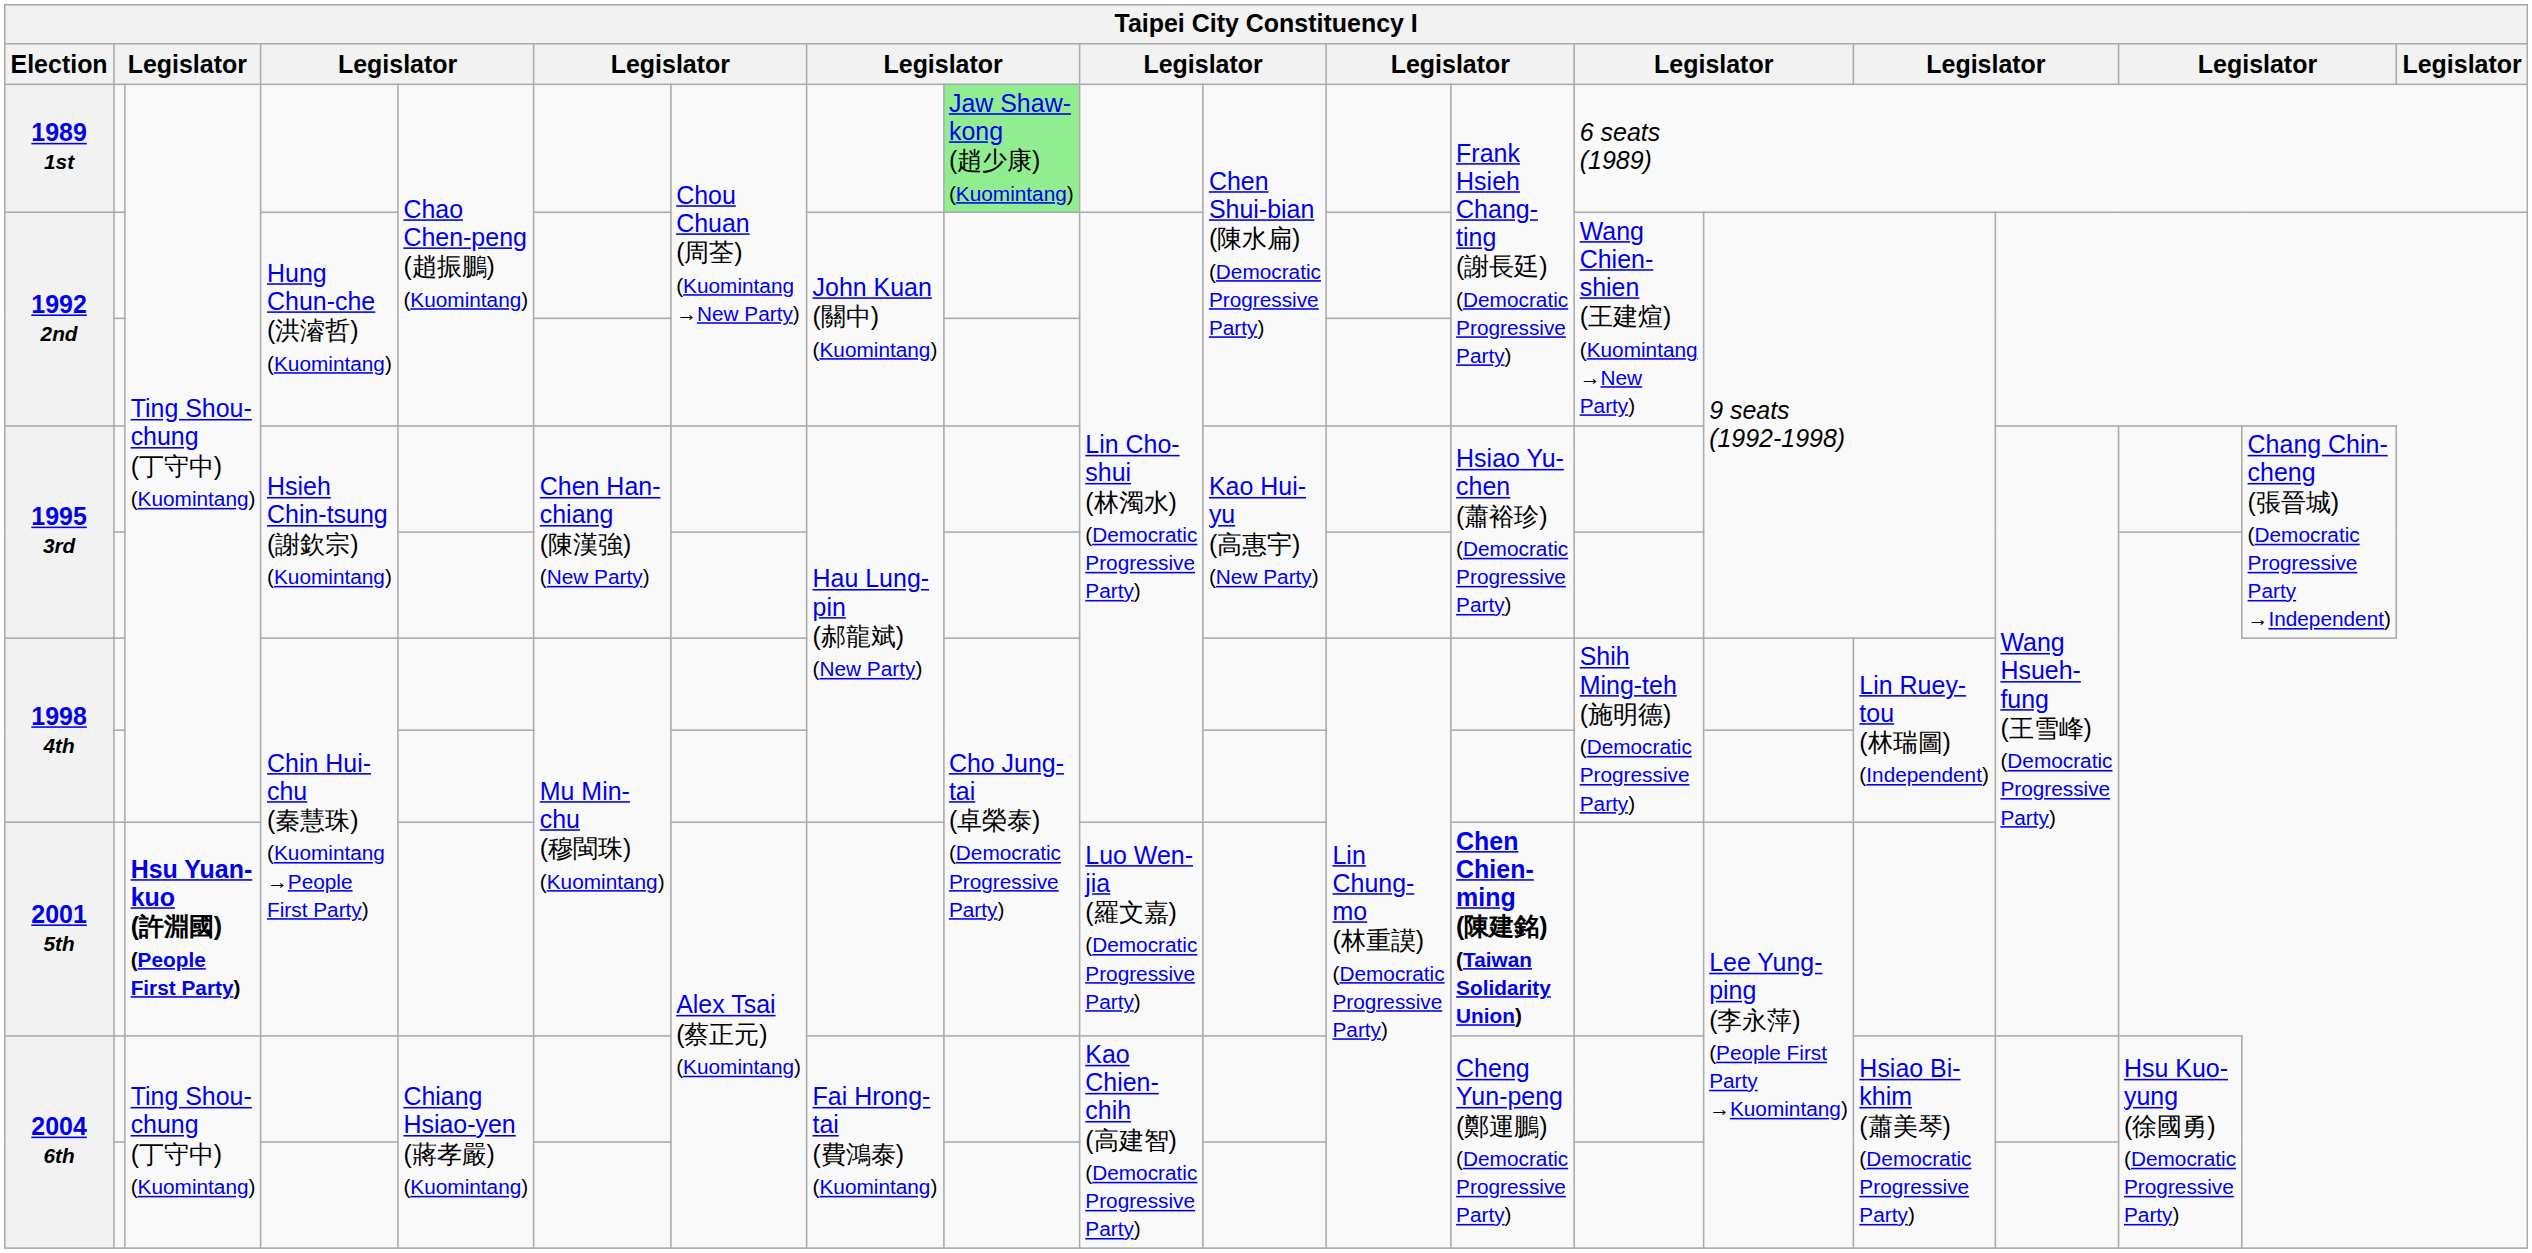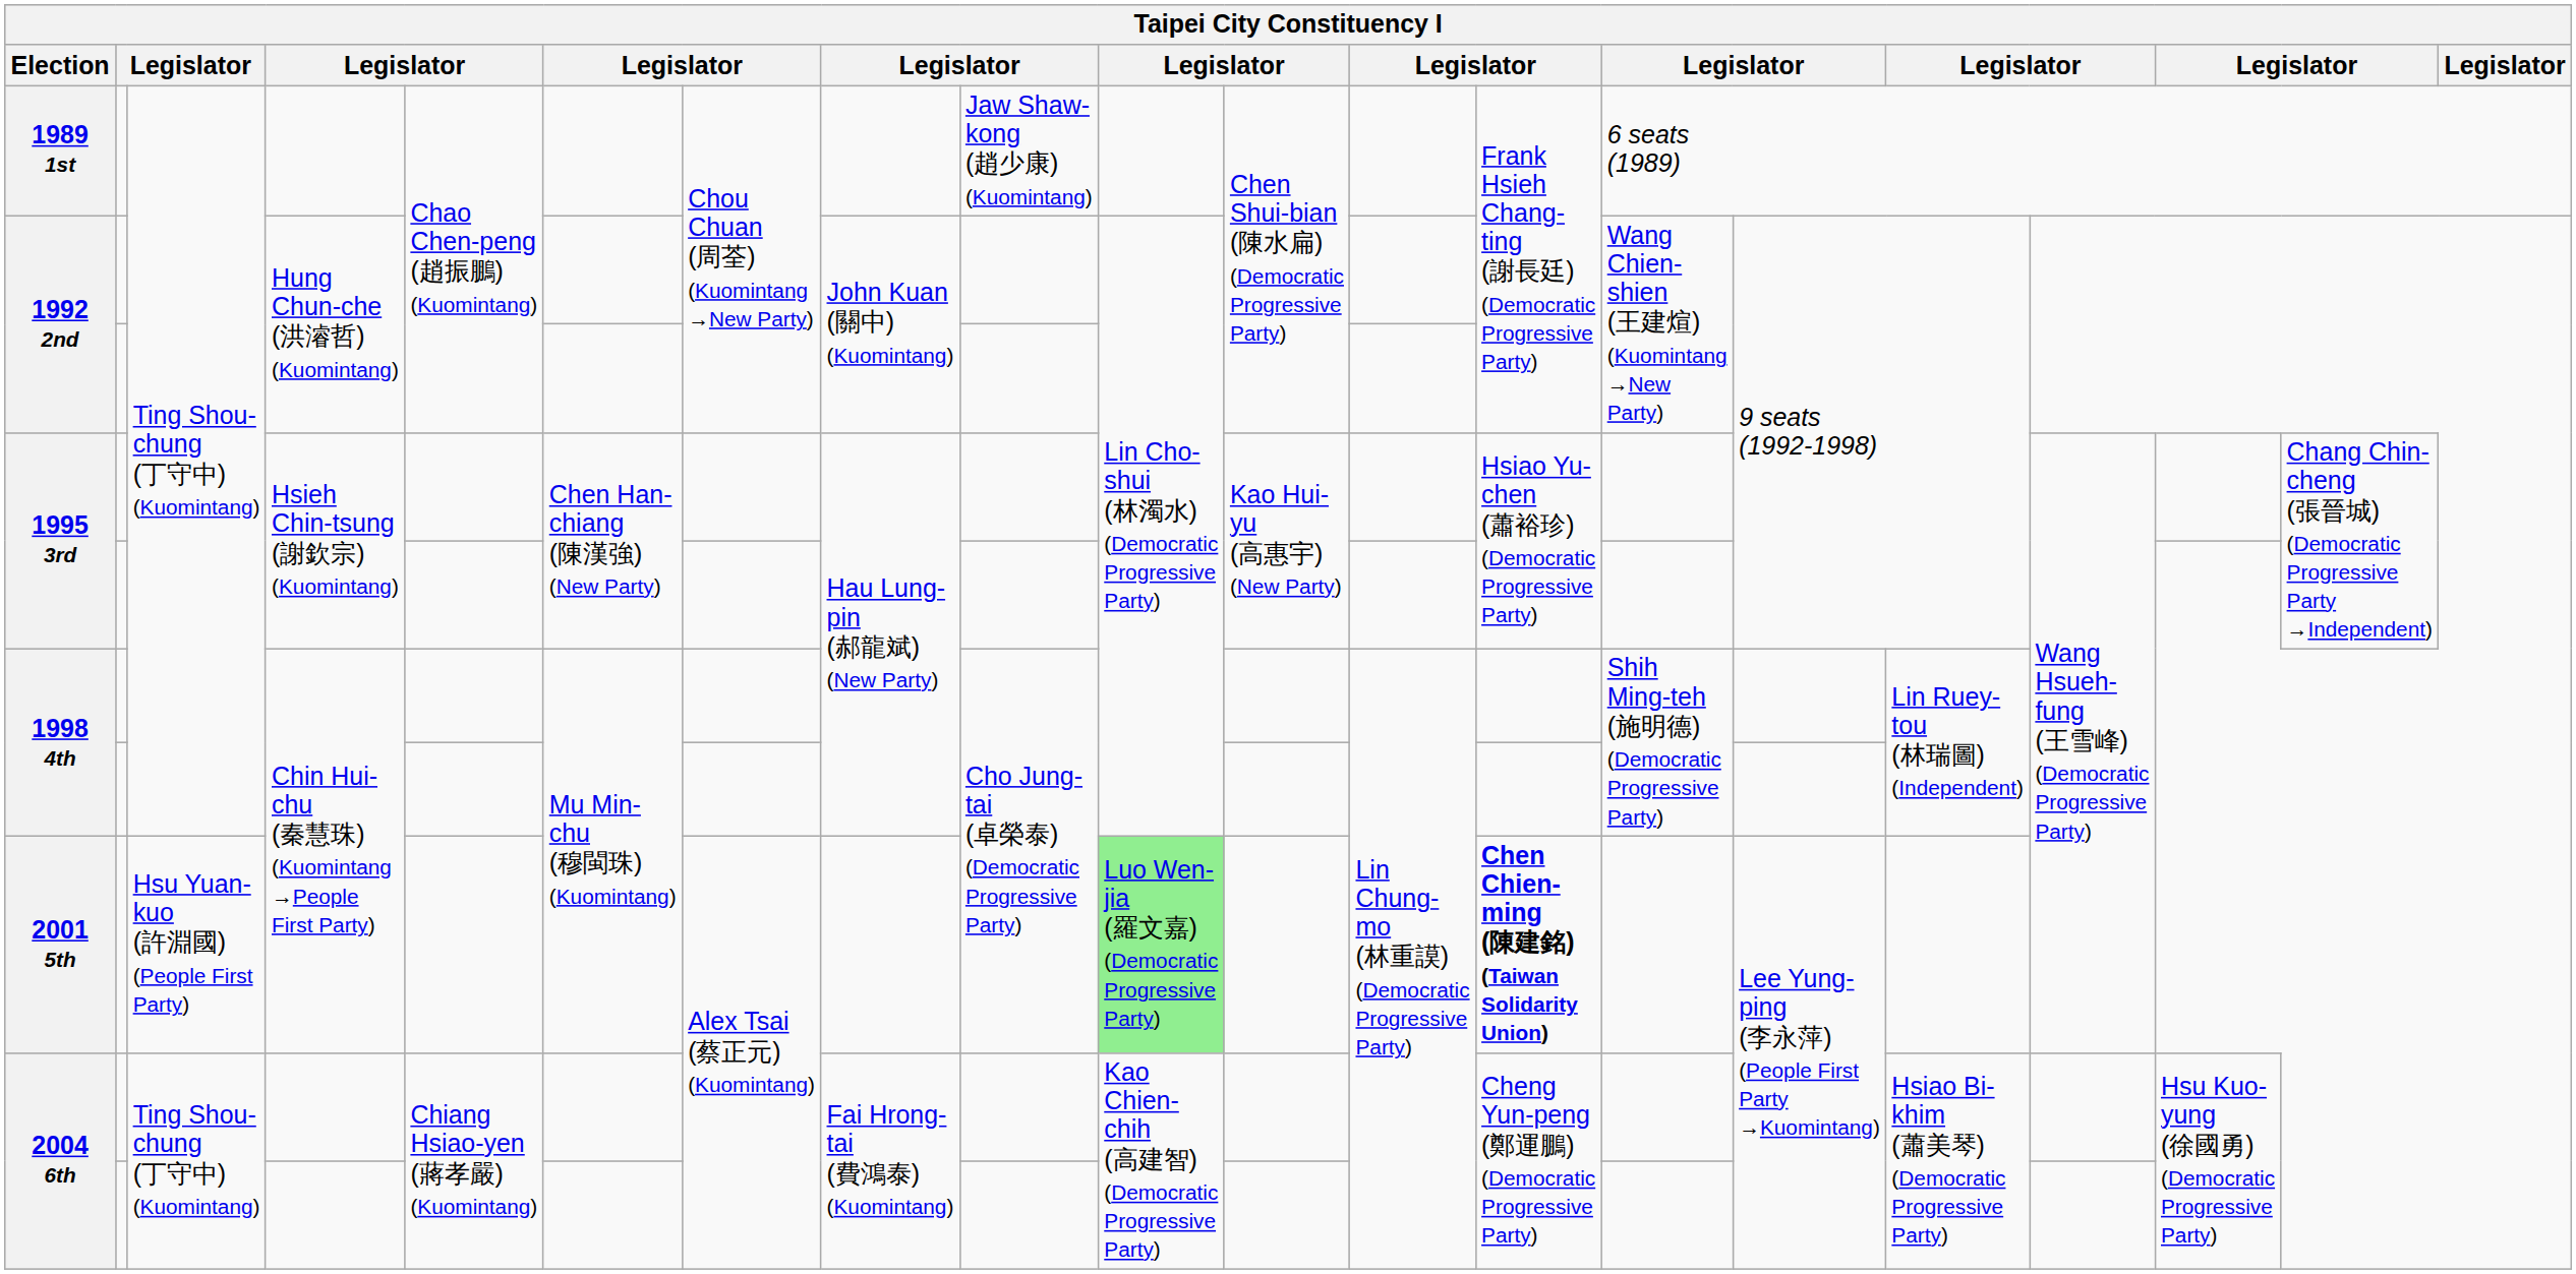 <table class=wikitable>
 <tr>
 <th colspan=21>Taipei City Constituency I</th>
 </tr>
 <tr>
 <th>Election</th>
 <th colspan="2" width="80px">Legislator</th>
 <th colspan="2" width="80px">Legislator</th>
 <th colspan="2" width="80px">Legislator</th>
 <th colspan="2" width="80px">Legislator</th>
 <th colspan="2" width="80px">Legislator</th>
 <th colspan="2" width="80px">Legislator</th>
 <th colspan="2" width="80px">Legislator</th>
 <th colspan="2" width="80px">Legislator</th>
 <th colspan="2" width="80px">Legislator</th>
 <th colspan="2" width="80px">Legislator</th>
 </tr>
 <tr>
 <th><a href='#'>1989</a><br><small><em>1st</em></small></th>
 <td style="color:inherit;background:"></td>
 <td rowspan=7><a href='#'>Ting Shou-chung</a><br>(丁守中) <br><small>(<a href='#'>Kuomintang</a>)</small></td>
 <td style="color:inherit;background:"></td>
 <td rowspan=3><a href='#'>Chao Chen-peng</a><br>(趙振鵬) <br><small>(<a href='#'>Kuomintang</a>)</small></td>
 <td style="color:inherit;background:"></td>
 <td rowspan=3><a href='#'>Chou Chuan</a><br>(周荃) <br><small>(<a href='#'>Kuomintang</a><br>→<a href='#'>New Party</a>)</small></td>
 <td style="color:inherit;background:"></td>
-<td style="background: lightgreen;"><a href='#'>Jaw Shaw-kong</a><br>(趙少康) <br><small>(<a href='#'>Kuomintang</a>)</small></td>
+<td><a href='#'>Jaw Shaw-kong</a><br>(趙少康) <br><small>(<a href='#'>Kuomintang</a>)</small></td>
 <td style="color:inherit;background:"></td>
 <td rowspan=3><a href='#'>Chen Shui-bian</a><br>(陳水扁) <br><small>(<a href='#'>Democratic Progressive Party</a>)</small></td>
 <td style="color:inherit;background:"></td>
 <td rowspan=3><a href='#'>Frank Hsieh Chang-ting</a><br>(謝長廷) <br><small>(<a href='#'>Democratic Progressive Party</a>)</small></td>
 <td colspan=8><em>6 seats</em><br><em>(1989)</em></td>
 </tr>
 <tr>
 <th rowspan="2"><a href='#'>1992</a><br><small><em>2nd</em></small></th>
 <td style="color:inherit;background:"></td>
 <td rowspan=2><a href='#'>Hung Chun-che</a><br>(洪濬哲) <br><small>(<a href='#'>Kuomintang</a>)</small></td>
 <td style="color:inherit;background:"></td>
 <td rowspan=2><a href='#'>John Kuan</a><br>(關中) <br><small>(<a href='#'>Kuomintang</a>)</small></td>
 <td style="color:inherit;background:"></td>
 <td rowspan=6><a href='#'>Lin Cho-shui</a><br>(林濁水) <br><small>(<a href='#'>Democratic Progressive Party</a>)</small></td>
 <td style="color:inherit;background:"></td>
 <td rowspan=2><a href='#'>Wang Chien-shien</a><br>(王建煊) <br><small>(<a href='#'>Kuomintang</a><br>→<a href='#'>New Party</a>)</small></td>
 <td colspan=2 rowspan=4><em>9 seats</em><br><em>(1992-1998)</em></td>
 </tr>
 <tr>
 <td bgcolor=></td>
 <td bgcolor=></td>
 </tr>
 <tr>
 <th rowspan="2"><a href='#'>1995</a><br><small><em>3rd</em></small></th>
 <td style="color:inherit;background:"></td>
 <td rowspan=2><a href='#'>Hsieh Chin-tsung</a><br>(謝欽宗) <br><small>(<a href='#'>Kuomintang</a>)</small></td>
 <td bgcolor=></td>
 <td rowspan=2><a href='#'>Chen Han-chiang</a><br>(陳漢強) <br><small>(<a href='#'>New Party</a>)</small></td>
 <td bgcolor=></td>
 <td rowspan=4><a href='#'>Hau Lung-pin</a><br>(郝龍斌) <br><small>(<a href='#'>New Party</a>)</small></td>
 <td bgcolor=></td>
 <td rowspan=2><a href='#'>Kao Hui-yu</a><br>(高惠宇) <br><small>(<a href='#'>New Party</a>)</small></td>
 <td style="color:inherit;background:"></td>
 <td rowspan=2><a href='#'>Hsiao Yu-chen</a><br>(蕭裕珍) <br><small>(<a href='#'>Democratic Progressive Party</a>)</small></td>
 <td style="color:inherit;background:"></td>
 <td rowspan=5><a href='#'>Wang Hsueh-fung</a><br>(王雪峰) <br><small>(<a href='#'>Democratic Progressive Party</a>)</small></td>
 <td style="color:inherit;background:"></td>
 <td rowspan=2><a href='#'>Chang Chin-cheng</a><br>(張晉城) <br><small>(<a href='#'>Democratic Progressive Party</a><br>→<a href='#'>Independent</a>)</small></td>
 </tr>
 <tr>
 <td style="color:inherit;background:"></td>
 </tr>
 <tr>
 <th rowspan="2"><a href='#'>1998</a><br><small><em>4th</em></small></th>
 <td style="color:inherit;background:"></td>
 <td rowspan=3><a href='#'>Chin Hui-chu</a><br>(秦慧珠) <br><small>(<a href='#'>Kuomintang</a><br>→<a href='#'>People First Party</a>)</small></td>
 <td style="color:inherit;background:"></td>
 <td rowspan=3><a href='#'>Mu Min-chu</a><br>(穆閩珠) <br><small>(<a href='#'>Kuomintang</a>)</small></td>
 <td style="color:inherit;background:"></td>
 <td rowspan=3><a href='#'>Cho Jung-tai</a><br>(卓榮泰) <br><small>(<a href='#'>Democratic Progressive Party</a>)</small></td>
 <td style="color:inherit;background:"></td>
 <td rowspan=5><a href='#'>Lin Chung-mo</a><br>(林重謨) <br><small>(<a href='#'>Democratic Progressive Party</a>)</small></td>
 <td style="color:inherit;background:"></td>
 <td rowspan=2><a href='#'>Shih Ming-teh</a><br>(施明德) <br><small>(<a href='#'>Democratic Progressive Party</a>)</small></td>
 <td bgcolor=></td>
 <td rowspan=2><a href='#'>Lin Ruey-tou</a><br>(林瑞圖) <br><small>(<a href='#'>Independent</a>)</small></td>
 </tr>
 <tr>
 <td style="color:inherit;background:"></td>
 </tr>
 <tr>
 <th rowspan="1"><a href='#'>2001</a><br><small><em>5th</em></small></th>
 <td style="color:inherit;background:"></td>
-<td><strong><a href='#'>Hsu Yuan-kuo</a><br>(許淵國) <br><small>(<a href='#'>People First Party</a>)</small></strong></td>
+<td><a href='#'>Hsu Yuan-kuo</a><br>(許淵國) <br><small>(<a href='#'>People First Party</a>)</small></td>
 <td style="color:inherit;background:"></td>
 <td rowspan=3><a href='#'>Alex Tsai</a><br>(蔡正元) <br><small>(<a href='#'>Kuomintang</a>)</small></td>
 <td style="color:inherit;background:"></td>
-<td><a href='#'>Luo Wen-jia</a><br>(羅文嘉) <br><small>(<a href='#'>Democratic Progressive Party</a>)</small></td>
+<td style="background: lightgreen;"><a href='#'>Luo Wen-jia</a><br>(羅文嘉) <br><small>(<a href='#'>Democratic Progressive Party</a>)</small></td>
 <td style="color:inherit;background:"></td>
 <td><strong><a href='#'>Chen Chien-ming</a><br>(陳建銘) <br><small>(<a href='#'>Taiwan Solidarity Union</a>)</small></strong></td>
 <td style="color:inherit;background:"></td>
 <td rowspan=3><a href='#'>Lee Yung-ping</a><br>(李永萍) <br><small>(<a href='#'>People First Party</a><br>→<a href='#'>Kuomintang</a>)</small></td>
 </tr>
 <tr>
 <th rowspan="2"><a href='#'>2004</a><br><small><em>6th</em></small></th>
 <td style="color:inherit;background:"></td>
 <td rowspan=2><a href='#'>Ting Shou-chung</a><br>(丁守中) <br><small>(<a href='#'>Kuomintang</a>)</small></td>
 <td style="color:inherit;background:"></td>
 <td rowspan=2><a href='#'>Chiang Hsiao-yen</a><br>(蔣孝嚴) <br><small>(<a href='#'>Kuomintang</a>)</small></td>
 <td style="color:inherit;background:"></td>
 <td rowspan=2><a href='#'>Fai Hrong-tai</a><br>(費鴻泰) <br><small>(<a href='#'>Kuomintang</a>)</small></td>
 <td style="color:inherit;background:"></td>
 <td rowspan=2><a href='#'>Kao Chien-chih</a><br>(高建智) <br><small>(<a href='#'>Democratic Progressive Party</a>)</small></td>
 <td style="color:inherit;background:"></td>
 <td rowspan=2><a href='#'>Cheng Yun-peng</a><br>(鄭運鵬) <br><small>(<a href='#'>Democratic Progressive Party</a>)</small></td>
 <td style="color:inherit;background:"></td>
 <td rowspan=2><a href='#'>Hsiao Bi-khim</a><br>(蕭美琴) <br><small>(<a href='#'>Democratic Progressive Party</a>)</small></td>
 <td style="color:inherit;background:"></td>
 <td rowspan=2><a href='#'>Hsu Kuo-yung</a><br>(徐國勇) <br><small>(<a href='#'>Democratic Progressive Party</a>)</small></td>
 </tr>
 <tr>
 <td style="color:inherit;background:"></td>
 </tr>
 </table>
